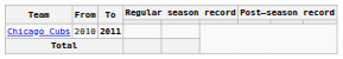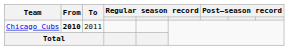 <table class="wikitable" Style="text-align: center;font-size:90%">
 <tr>
 <th rowspan="2">Team</th>
 <th rowspan="2">From</th>
 <th rowspan="2">To</th>
 <th colspan="3">Regular season record</th>
 <th colspan="3">Post–season record</th>
 </tr>
 <tr>
 <th></th>
 <th></th>
 <th></th>
 <th></th>
 <th></th>
 <th></th>
 </tr>
 <tr>
 <td><a href='#'>Chicago Cubs</a></td>
-<td>2010</td>
-<td><strong>2011</strong></td>
+<td><strong>2010</strong></td>
+<td>2011</td>
 <td></td>
 <td></td>
 </tr>
 <tr>
 <th colspan="3">Total</th>
 <th></th>
 <th></th>
 </tr>
 </table>
